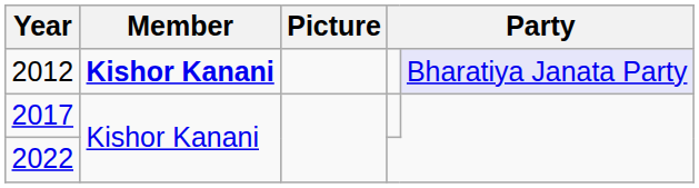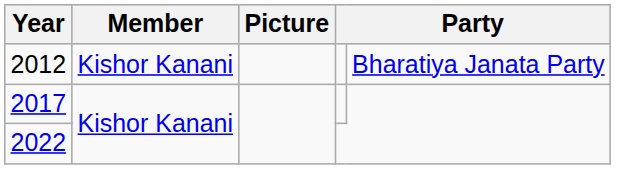 <table class="wikitable sortable">
 <tr>
 <th>Year</th>
 <th>Member</th>
 <th>Picture</th>
 <th colspan="2">Party</th>
 </tr>
 <tr>
 <td>2012</td>
-<td><strong><a href='#'>Kishor Kanani</a></strong></td>
+<td><a href='#'>Kishor Kanani</a></td>
 <td></td>
 <td></td>
-<td style="background: lavender;"><a href='#'>Bharatiya Janata Party</a></td>
+<td><a href='#'>Bharatiya Janata Party</a></td>
 </tr>
 <tr>
 <td><a href='#'>2017</a></td>
 <td rowspan="2"><a href='#'>Kishor Kanani</a></td>
 <td rowspan="2"></td>
 <td></td>
 </tr>
 <tr>
 <td><a href='#'>2022</a></td>
 </tr>
 </table>
